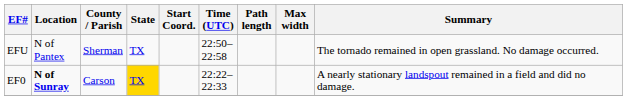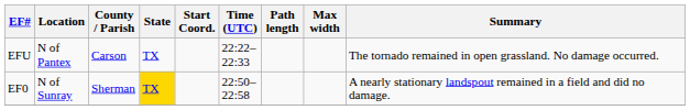 <table class="wikitable sortable" style="width:100%;">
 <tr>
 <th scope="col"  style="width:3%; text-align:center;"><a href='#'>EF#</a></th>
 <th scope="col"  style="width:7%; text-align:center;" class="unsortable">Location</th>
 <th scope="col"  style="width:6%; text-align:center;" class="unsortable">County / Parish</th>
 <th scope="col"  style="width:5%; text-align:center;">State</th>
 <th scope="col"  style="width:6%; text-align:center;">Start Coord.</th>
 <th scope="col"  style="width:6%; text-align:center;">Time (<a href='#'>UTC</a>)</th>
 <th scope="col"  style="width:6%; text-align:center;">Path length</th>
 <th scope="col"  style="width:6%; text-align:center;">Max width</th>
 <th scope="col" class="unsortable" style="width:48%; text-align:center;">Summary</th>
 </tr>
 <tr>
 <td>EFU</td>
 <td>N of <a href='#'>Pantex</a></td>
-<td><a href='#'>Sherman</a></td>
+<td><a href='#'>Carson</a></td>
 <td><a href='#'>TX</a></td>
 <td></td>
-<td>22:50–22:58</td>
+<td>22:22–22:33</td>
 <td></td>
 <td></td>
 <td>The tornado remained in open grassland. No damage occurred.</td>
 </tr>
 <tr>
 <td>EF0</td>
-<td><strong>N of <a href='#'>Sunray</a></strong></td>
-<td><a href='#'>Carson</a></td>
+<td>N of <a href='#'>Sunray</a></td>
+<td><a href='#'>Sherman</a></td>
 <td style="background: gold;"><a href='#'>TX</a></td>
 <td></td>
-<td>22:22–22:33</td>
+<td>22:50–22:58</td>
 <td></td>
 <td></td>
 <td>A nearly stationary <a href='#'>landspout</a> remained in a field and did no damage.</td>
 </tr>
 <tr>
 </tr>
 </table>
